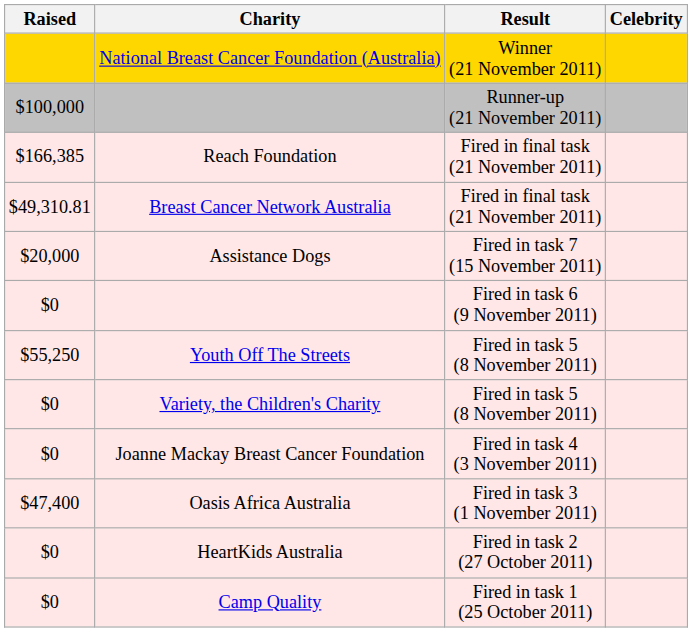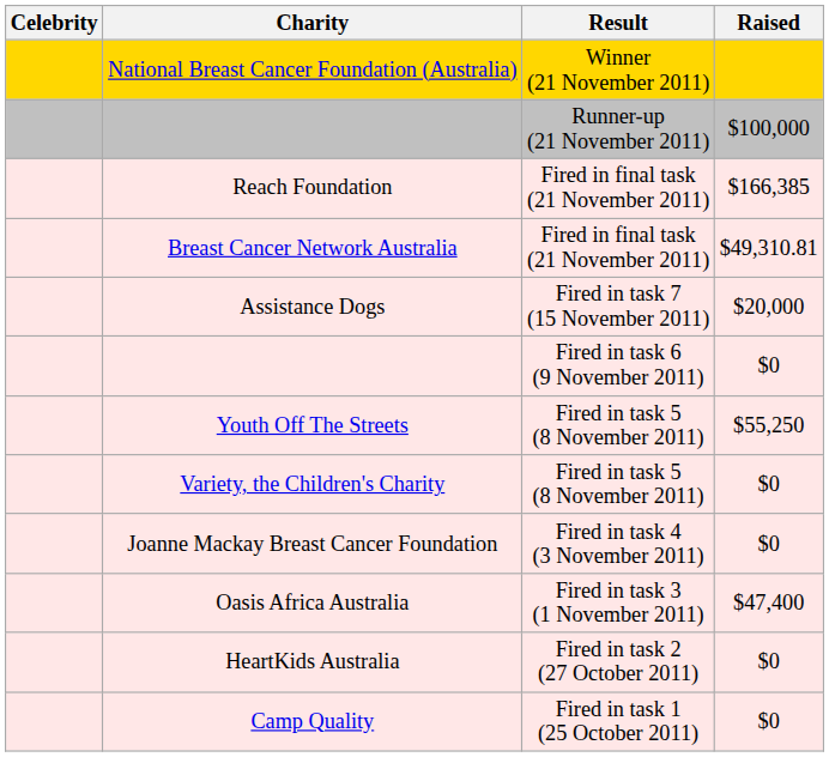 <table class="wikitable" style="text-align:center;">
 <tr>
-<th>Raised</th>
+<th>Celebrity</th>
 <th>Charity</th>
 <th>Result</th>
-<th>Celebrity</th>
+<th>Raised</th>
 </tr>
 <tr style="background:gold;">
-<td align="center"></td>
+<td scope="row"></td>
 <td><a href='#'>National Breast Cancer Foundation (Australia)</a></td>
 <td>Winner<br>(21 November 2011)</td>
-<td scope="row"></td>
+<td align="center"></td>
 </tr>
 <tr style="background:silver;">
-<td align="center">$100,000</td>
+<td scope="row"></td>
 <td></td>
 <td>Runner-up<br>(21 November 2011)</td>
-<td scope="row"></td>
+<td align="center">$100,000</td>
 </tr>
 <tr style="background:#ffe7e7;">
-<td align="center">$166,385</td>
+<td scope="row"></td>
 <td>Reach Foundation</td>
 <td>Fired in final task<br>(21 November 2011)</td>
-<td scope="row"></td>
+<td align="center">$166,385</td>
 </tr>
 <tr style="background:#ffe7e7;">
-<td align="center">$49,310.81</td>
+<td scope="row"></td>
 <td><a href='#'>Breast Cancer Network Australia</a></td>
 <td>Fired in final task<br>(21 November 2011)</td>
-<td scope="row"></td>
+<td align="center">$49,310.81</td>
 </tr>
 <tr style="background:#ffe7e7;">
-<td align="center">$20,000</td>
+<td scope="row"></td>
 <td>Assistance Dogs</td>
 <td>Fired in task 7<br>(15 November 2011)</td>
-<td scope="row"></td>
+<td align="center">$20,000</td>
 </tr>
 <tr style="background:#ffe7e7;">
-<td align="center">$0</td>
+<td scope="row"></td>
 <td></td>
 <td>Fired in task 6<br>(9 November 2011)</td>
-<td scope="row"></td>
+<td align="center">$0</td>
 </tr>
 <tr style="background:#ffe7e7;">
-<td align="center">$55,250</td>
+<td scope="row"></td>
 <td><a href='#'>Youth Off The Streets</a></td>
 <td>Fired in task 5<br>(8 November 2011)</td>
-<td scope="row"></td>
+<td align="center">$55,250</td>
 </tr>
 <tr style="background:#ffe7e7;">
-<td align="center">$0</td>
+<td scope="row"></td>
 <td><a href='#'>Variety, the Children's Charity</a></td>
 <td>Fired in task 5<br>(8 November 2011)</td>
-<td scope="row"></td>
+<td align="center">$0</td>
 </tr>
 <tr style="background:#ffe7e7;">
-<td align="center">$0</td>
+<td scope="row"></td>
 <td>Joanne Mackay Breast Cancer Foundation</td>
 <td>Fired in task 4<br>(3 November 2011)</td>
-<td scope="row"></td>
+<td align="center">$0</td>
 </tr>
 <tr style="background:#ffe7e7;">
-<td align="center">$47,400</td>
+<td scope="row"></td>
 <td>Oasis Africa Australia</td>
 <td>Fired in task 3<br>(1 November 2011)</td>
-<td scope="row"></td>
+<td align="center">$47,400</td>
 </tr>
 <tr style="background:#ffe7e7;">
-<td align="center">$0</td>
+<td scope="row"></td>
 <td>HeartKids Australia</td>
 <td>Fired in task 2<br>(27 October 2011)</td>
-<td scope="row"></td>
+<td align="center">$0</td>
 </tr>
 <tr style="background:#ffe7e7;">
-<td align="center">$0</td>
+<td scope="row"></td>
 <td><a href='#'>Camp Quality</a></td>
 <td>Fired in task 1<br>(25 October 2011)</td>
-<td scope="row"></td>
+<td align="center">$0</td>
 </tr>
 </table>
